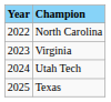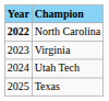 <table class="wikitable" style="font-size:85%;">
 <tr ! style="background-color: #87D3F8;">
 <td><strong>Year</strong></td>
 <td><strong>Champion</strong></td>
 </tr>
 <tr --->
-<td>2022</td>
+<td><strong>2022</strong></td>
 <td>North Carolina</td>
 </tr>
 <tr>
 <td>2023</td>
 <td>Virginia</td>
 </tr>
 <tr>
 <td>2024</td>
 <td>Utah Tech</td>
 </tr>
 <tr>
 <td>2025</td>
 <td>Texas</td>
 </tr>
 </table>
